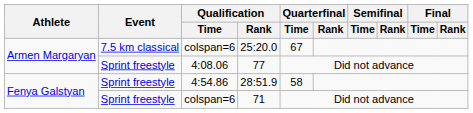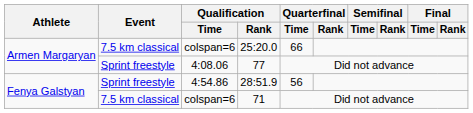 <table class="wikitable" style="font-size:90%">
 <tr>
 <th rowspan="2">Athlete</th>
 <th rowspan="2">Event</th>
 <th colspan="2">Qualification</th>
 <th colspan="2">Quarterfinal</th>
 <th colspan="2">Semifinal</th>
 <th colspan="2">Final</th>
 </tr>
 <tr style="font-size:95%">
 <th>Time</th>
 <th>Rank</th>
 <th>Time</th>
 <th>Rank</th>
 <th>Time</th>
 <th>Rank</th>
 <th>Time</th>
 <th>Rank</th>
 </tr>
 <tr align=center>
 <td align=left rowspan=2><a href='#'>Armen Margaryan</a></td>
 <td align=left><a href='#'>7.5 km classical</a></td>
 <td>colspan=6</td>
 <td>25:20.0</td>
-<td>67</td>
+<td>66</td>
 </tr>
 <tr align=center>
 <td align=left><a href='#'>Sprint freestyle</a></td>
 <td>4:08.06</td>
 <td>77</td>
 <td colspan=6>Did not advance</td>
 </tr>
 <tr align=center>
 <td align=left rowspan=2><a href='#'>Fenya Galstyan</a></td>
 <td align=left><a href='#'>Sprint freestyle</a></td>
 <td>4:54.86</td>
 <td>28:51.9</td>
-<td>58</td>
+<td>56</td>
 </tr>
 <tr align=center>
-<td align=left><a href='#'>Sprint freestyle</a></td>
+<td align=left><a href='#'>7.5 km classical</a></td>
 <td>colspan=6</td>
 <td>71</td>
 <td colspan=6>Did not advance</td>
 </tr>
 </table>
